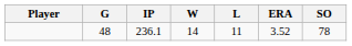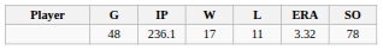 <table class="wikitable sortable">
 <tr>
 <th bgcolor="#DDDDFF" width="16%">Player</th>
 <th bgcolor="#DDDDFF" width="9%">G</th>
 <th bgcolor="#DDDDFF" width="9%">IP</th>
 <th bgcolor="#DDDDFF" width="9%">W</th>
 <th bgcolor="#DDDDFF" width="9%">L</th>
 <th bgcolor="#DDDDFF" width="9%">ERA</th>
 <th bgcolor="#DDDDFF" width="9%">SO</th>
 </tr>
 <tr align="center">
 <td></td>
 <td>48</td>
 <td>236.1</td>
-<td>14</td>
+<td>17</td>
 <td>11</td>
-<td>3.52</td>
+<td>3.32</td>
 <td>78</td>
 </tr>
 </table>
